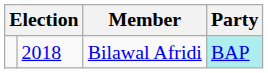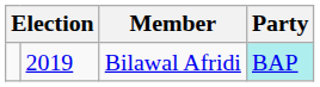 <table class="wikitable">
 <tr>
 <th colspan="2">Election</th>
 <th>Member</th>
 <th>Party</th>
 </tr>
 <tr>
 <td style="background-color: "></td>
-<td><a href='#'>2018</a></td>
+<td><a href='#'>2019</a></td>
 <td><a href='#'>Bilawal Afridi</a></td>
 <td style="background: paleturquoise;"><a href='#'>BAP</a></td>
 </tr>
 </table>
